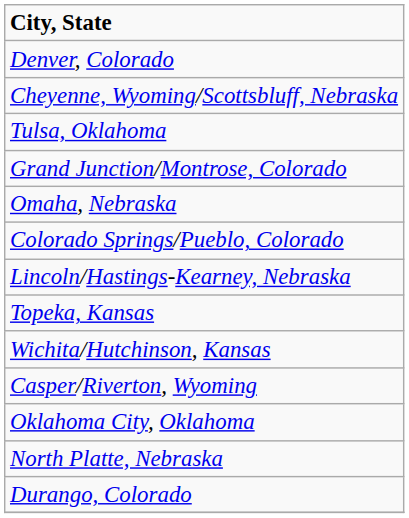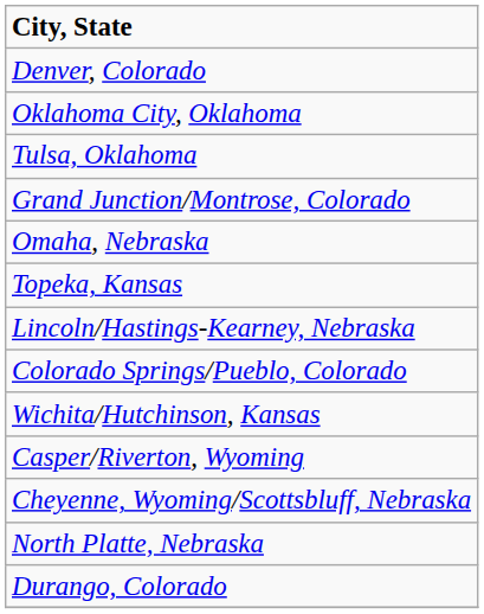 <table class="wikitable">
 <tr>
 <td><strong>City, State</strong></td>
 </tr>
 <tr>
 <td><em><a href='#'>Denver</a>, <a href='#'>Colorado</a></em></td>
 </tr>
 <tr>
-<td><em><a href='#'>Cheyenne, Wyoming</a>/<a href='#'>Scottsbluff, Nebraska</a></em></td>
+<td><em><a href='#'>Oklahoma City</a>, <a href='#'>Oklahoma</a></em></td>
 </tr>
 <tr>
 <td><em><a href='#'>Tulsa, Oklahoma</a></em></td>
 </tr>
 <tr>
 <td><em><a href='#'>Grand Junction</a>/<a href='#'>Montrose, Colorado</a></em></td>
 </tr>
 <tr>
 <td><em><a href='#'>Omaha</a>, <a href='#'>Nebraska</a></em></td>
 </tr>
 <tr>
-<td><em><a href='#'>Colorado Springs</a>/<a href='#'>Pueblo, Colorado</a></em></td>
+<td><em><a href='#'>Topeka, Kansas</a></em></td>
 </tr>
 <tr>
 <td><em><a href='#'>Lincoln</a>/<a href='#'>Hastings</a>-<a href='#'>Kearney, Nebraska</a></em></td>
 </tr>
 <tr>
-<td><em><a href='#'>Topeka, Kansas</a></em></td>
+<td><em><a href='#'>Colorado Springs</a>/<a href='#'>Pueblo, Colorado</a></em></td>
 </tr>
 <tr>
 <td><em><a href='#'>Wichita</a>/<a href='#'>Hutchinson</a>, <a href='#'>Kansas</a></em></td>
 </tr>
 <tr>
 <td><em><a href='#'>Casper</a>/<a href='#'>Riverton</a>, <a href='#'>Wyoming</a></em></td>
 </tr>
 <tr>
-<td><em><a href='#'>Oklahoma City</a>, <a href='#'>Oklahoma</a></em></td>
+<td><em><a href='#'>Cheyenne, Wyoming</a>/<a href='#'>Scottsbluff, Nebraska</a></em></td>
 </tr>
 <tr>
 <td><em><a href='#'>North Platte, Nebraska</a></em></td>
 </tr>
 <tr>
 <td><em><a href='#'>Durango, Colorado</a></em></td>
 </tr>
 <tr>
 </tr>
 </table>
